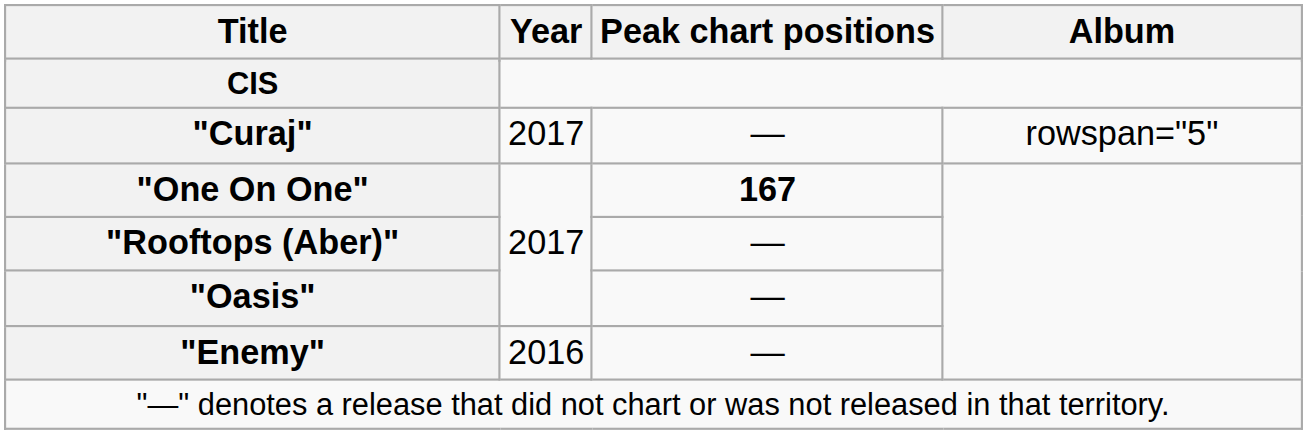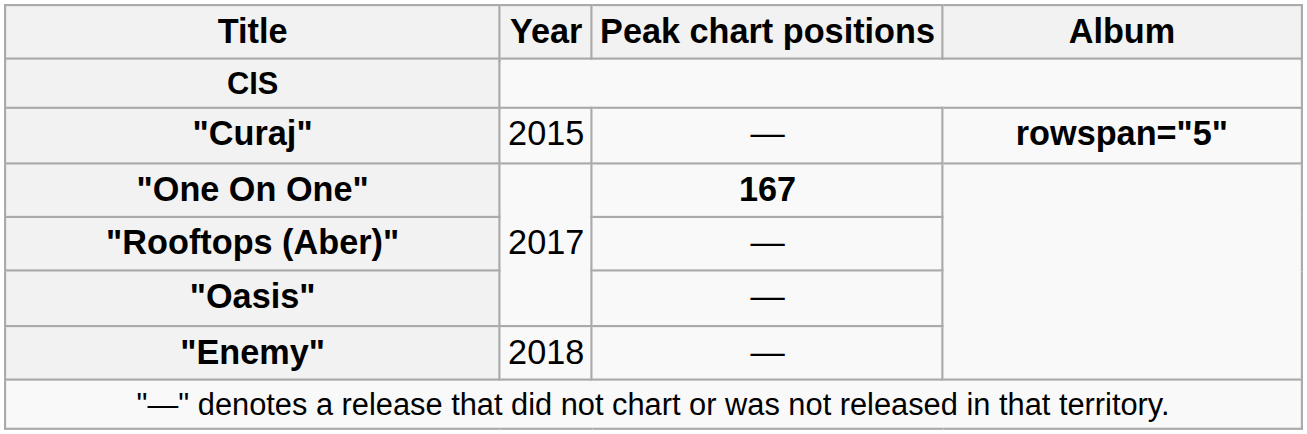 <table class="wikitable plainrowheaders" style="text-align:center;">
 <tr>
 <th scope="col" rowspan="2" style="width:14em;">Title</th>
 <th scope="col" rowspan="2" style="width:1em;">Year</th>
 <th colspan="1" scope="col">Peak chart positions</th>
 <th scope="col" rowspan="2" style="width:10em;">Album</th>
 </tr>
 <tr>
 </tr>
 <tr>
 <th scope="col" style="width:2.5em;font-size:90%;">CIS<br></th>
 </tr>
 <tr>
 <th scope="row">"Curaj"<br></th>
-<td rowspan="1">2017</td>
+<td rowspan="1">2015</td>
 <td>—</td>
-<td>rowspan="5" </td>
+<td><strong>rowspan="5" </strong></td>
 </tr>
 <tr>
 <th scope="row">"One On One"<br></th>
 <td rowspan="3">2017</td>
 <td><strong>167</strong></td>
 </tr>
 <tr>
 <th scope="row">"Rooftops (Aber)"<br></th>
 <td>—</td>
 </tr>
 <tr>
 <th scope="row">"Oasis"<br></th>
 <td>—</td>
 </tr>
 <tr>
 <th scope="row">"Enemy"<br></th>
-<td rowspan="1">2016</td>
+<td rowspan="1">2018</td>
 <td>—</td>
 </tr>
 <tr>
 <td colspan="15" style="font-size:90%">"—" denotes a release that did not chart or was not released in that territory.</td>
 </tr>
 </table>
